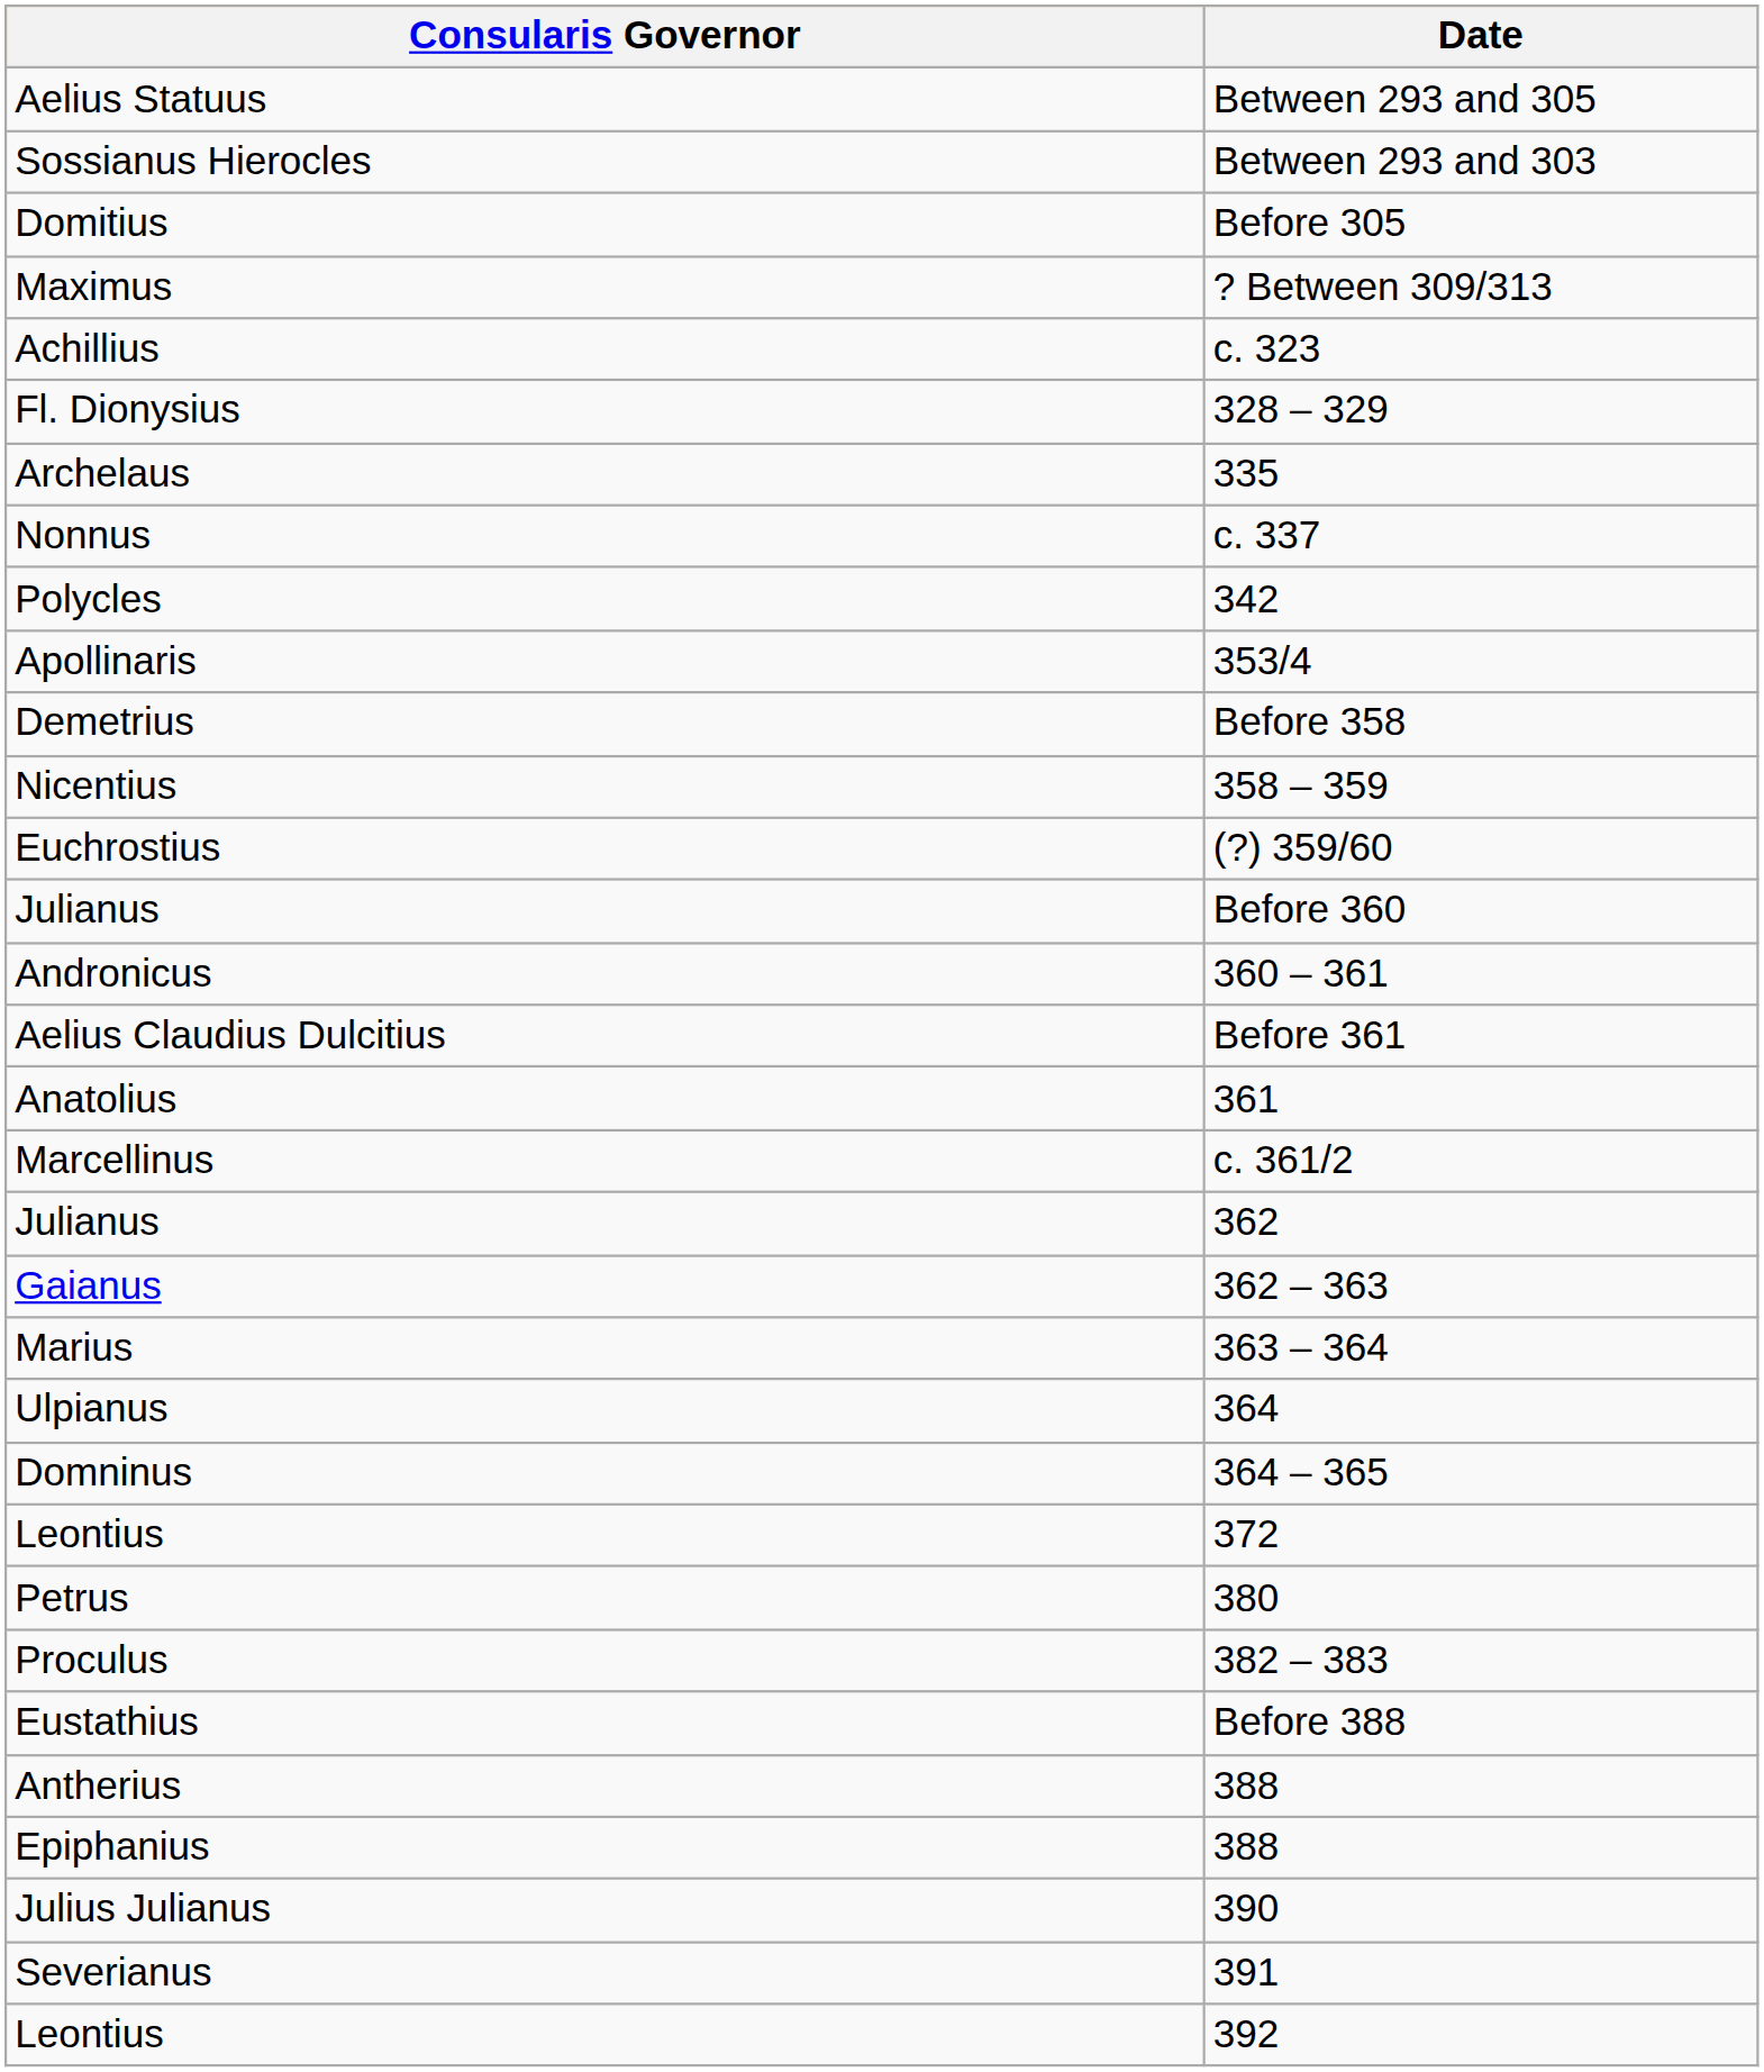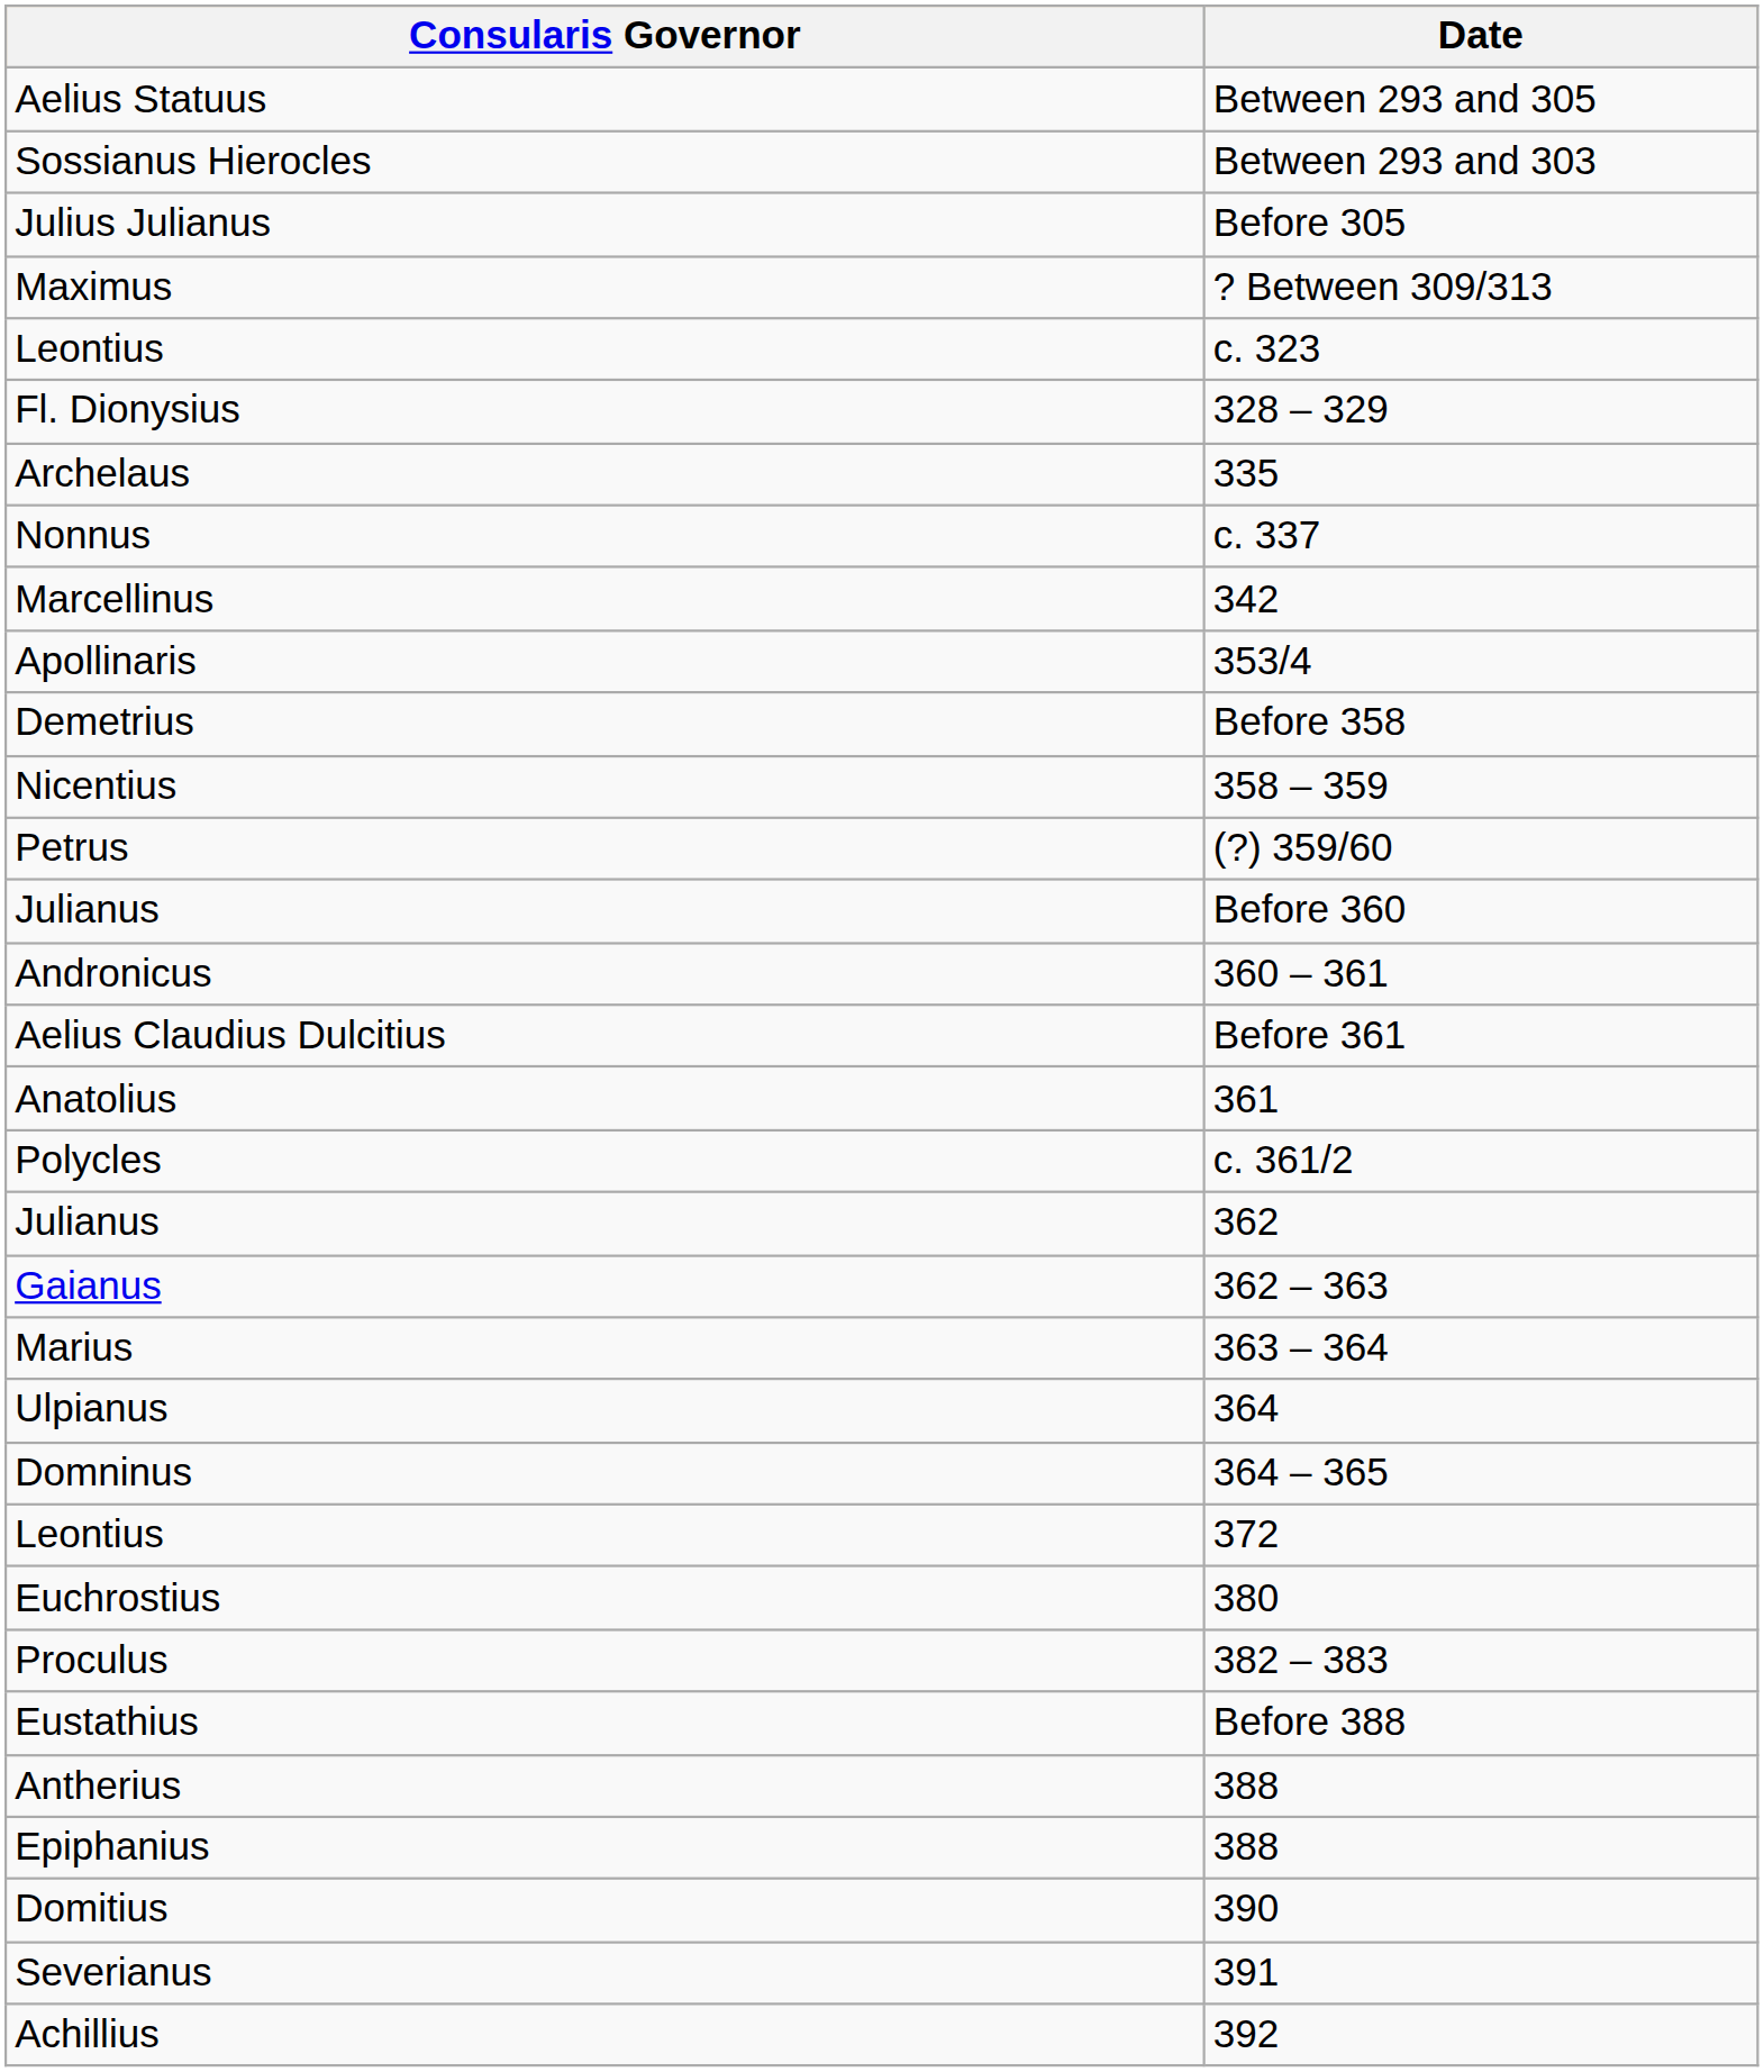 <table class="wikitable"  width="45%">
 <tr bgcolor="#FFDEAD">
 <th width="20%"><a href='#'>Consularis</a> Governor</th>
 <th width="9%">Date</th>
 </tr>
 <tr>
 <td>Aelius Statuus</td>
 <td>Between 293 and 305</td>
 </tr>
 <tr>
 <td>Sossianus Hierocles</td>
 <td>Between 293 and 303</td>
 </tr>
 <tr>
-<td>Domitius</td>
+<td>Julius Julianus</td>
 <td>Before 305</td>
 </tr>
 <tr>
 <td>Maximus</td>
 <td>? Between 309/313</td>
 </tr>
 <tr>
-<td>Achillius</td>
+<td>Leontius</td>
 <td>c. 323</td>
 </tr>
 <tr>
 <td>Fl. Dionysius</td>
 <td>328 – 329</td>
 </tr>
 <tr>
 <td>Archelaus</td>
 <td>335</td>
 </tr>
 <tr>
 <td>Nonnus</td>
 <td>c. 337</td>
 </tr>
 <tr>
-<td>Polycles</td>
+<td>Marcellinus</td>
 <td>342</td>
 </tr>
 <tr>
 <td>Apollinaris</td>
 <td>353/4</td>
 </tr>
 <tr>
 <td>Demetrius</td>
 <td>Before 358</td>
 </tr>
 <tr>
 <td>Nicentius</td>
 <td>358 – 359</td>
 </tr>
 <tr>
-<td>Euchrostius</td>
+<td>Petrus</td>
 <td>(?) 359/60</td>
 </tr>
 <tr>
 <td>Julianus</td>
 <td>Before 360</td>
 </tr>
 <tr>
 <td>Andronicus</td>
 <td>360 – 361</td>
 </tr>
 <tr>
 <td>Aelius Claudius Dulcitius</td>
 <td>Before 361</td>
 </tr>
 <tr>
 <td>Anatolius</td>
 <td>361</td>
 </tr>
 <tr>
-<td>Marcellinus</td>
+<td>Polycles</td>
 <td>c. 361/2</td>
 </tr>
 <tr>
 <td>Julianus</td>
 <td>362</td>
 </tr>
 <tr>
 <td><a href='#'>Gaianus</a></td>
 <td>362 – 363</td>
 </tr>
 <tr>
 <td>Marius</td>
 <td>363 – 364</td>
 </tr>
 <tr>
 <td>Ulpianus</td>
 <td>364</td>
 </tr>
 <tr>
 <td>Domninus</td>
 <td>364 – 365</td>
 </tr>
 <tr>
 <td>Leontius</td>
 <td>372</td>
 </tr>
 <tr>
-<td>Petrus</td>
+<td>Euchrostius</td>
 <td>380</td>
 </tr>
 <tr>
 <td>Proculus</td>
 <td>382 – 383</td>
 </tr>
 <tr>
 <td>Eustathius</td>
 <td>Before 388</td>
 </tr>
 <tr>
 <td>Antherius</td>
 <td>388</td>
 </tr>
 <tr>
 <td>Epiphanius</td>
 <td>388</td>
 </tr>
 <tr>
-<td>Julius Julianus</td>
+<td>Domitius</td>
 <td>390</td>
 </tr>
 <tr>
 <td>Severianus</td>
 <td>391</td>
 </tr>
 <tr>
-<td>Leontius</td>
+<td>Achillius</td>
 <td>392</td>
 </tr>
 </table>
